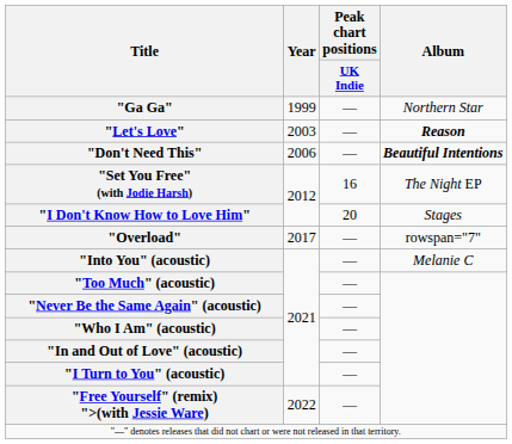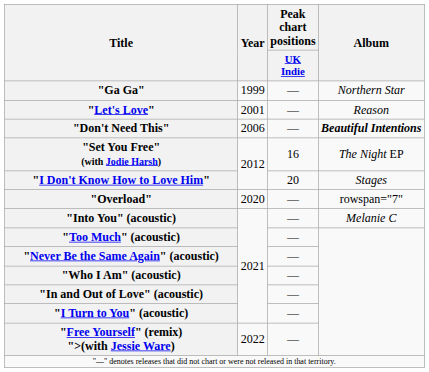 <table class="wikitable plainrowheaders" style="text-align:center;" border="1">
 <tr>
 <th scope="col" rowspan="2" style="width:19em;">Title</th>
 <th scope="col" rowspan="2" style="width:1em;">Year</th>
 <th scope="col" colspan="1">Peak chart positions</th>
 <th scope="col" rowspan="2">Album</th>
 </tr>
 <tr>
 <th scope="col" style="width:2.5em;font-size:90%;"><a href='#'>UK<br>Indie</a><br></th>
 </tr>
 <tr>
 <th scope="row">"Ga Ga"</th>
 <td>1999</td>
 <td>—</td>
 <td><em>Northern Star</em></td>
 </tr>
 <tr>
 <th scope="row">"<a href='#'>Let's Love</a>"</th>
-<td>2003</td>
+<td>2001</td>
 <td>—</td>
-<td><strong><em>Reason</em></strong></td>
+<td><em>Reason</em></td>
 </tr>
 <tr>
 <th scope="row">"Don't Need This"</th>
 <td>2006</td>
 <td>—</td>
 <td><strong><em>Beautiful Intentions</em></strong></td>
 </tr>
 <tr>
 <th scope="row">"Set You Free"<br><small>(with <a href='#'>Jodie Harsh</a>)</small><br></th>
 <td rowspan="2">2012</td>
 <td>16</td>
 <td><em>The Night</em> EP</td>
 </tr>
 <tr>
 <th scope="row">"<a href='#'>I Don't Know How to Love Him</a>"</th>
 <td>20</td>
 <td><em>Stages</em></td>
 </tr>
 <tr>
 <th scope="row">"Overload"</th>
-<td>2017</td>
+<td>2020</td>
 <td>—</td>
 <td>rowspan="7" </td>
 </tr>
 <tr>
 <th scope="row">"Into You" (acoustic)</th>
 <td rowspan="6">2021</td>
 <td>—</td>
 <td><em>Melanie C</em></td>
 </tr>
 <tr>
 <th scope="row">"<a href='#'>Too Much</a>" (acoustic)</th>
 <td>—</td>
 </tr>
 <tr>
 <th scope="row">"<a href='#'>Never Be the Same Again</a>" (acoustic)</th>
 <td>—</td>
 </tr>
 <tr>
 <th scope="row">"Who I Am" (acoustic)</th>
 <td>—</td>
 </tr>
 <tr>
 <th scope="row">"In and Out of Love" (acoustic)</th>
 <td>—</td>
 </tr>
 <tr>
 <th scope="row">"<a href='#'>I Turn to You</a>" (acoustic)</th>
 <td>—</td>
 </tr>
 <tr>
 <th scope="row">"<a href='#'>Free Yourself</a>" (remix)<br><span>">(with <a href='#'>Jessie Ware</a>)</span></th>
 <td>2022</td>
 <td>—</td>
 </tr>
 <tr>
 <td align="center" colspan="15" style="font-size:8pt">"—" denotes releases that did not chart or were not released in that territory.</td>
 </tr>
 </table>
